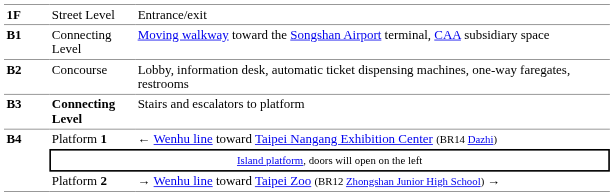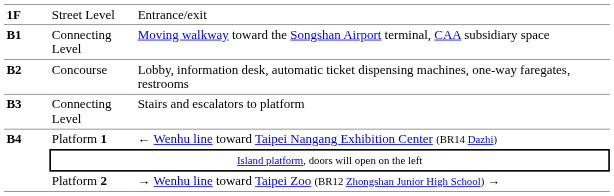 <table border=0 cellspacing=0 cellpadding=3>
 <tr>
 <td style="border-bottom:solid 1px gray;border-top:solid 1px gray;" width=50 valign=top><strong>1F</strong></td>
 <td style="border-top:solid 1px gray;border-bottom:solid 1px gray;" width=100 valign=top>Street Level</td>
 <td style="border-top:solid 1px gray;border-bottom:solid 1px gray;" width=580 valign=top>Entrance/exit</td>
 </tr>
 <tr>
 <td style="border-bottom:solid 1px gray;" valign=top><strong>B1</strong></td>
 <td style="border-bottom:solid 1px gray;" valign=top>Connecting Level</td>
 <td style="border-bottom:solid 1px gray;" valign=top><a href='#'>Moving walkway</a> toward the <a href='#'>Songshan Airport</a> terminal, <a href='#'>CAA</a> subsidiary space</td>
 </tr>
 <tr>
 <td style="border-bottom:solid 1px gray;" valign=top><strong>B2</strong></td>
 <td style="border-bottom:solid 1px gray;" valign=top>Concourse</td>
 <td style="border-bottom:solid 1px gray;" valign=top>Lobby, information desk, automatic ticket dispensing machines, one-way faregates, restrooms</td>
 </tr>
 <tr>
 <td style="border-bottom:solid 1px gray;" valign=top><strong>B3</strong></td>
-<td style="border-bottom:solid 1px gray;" valign=top><strong>Connecting Level</strong></td>
+<td style="border-bottom:solid 1px gray;" valign=top>Connecting Level</td>
 <td style="border-bottom:solid 1px gray;" valign=top>Stairs and escalators to platform</td>
 </tr>
 <tr>
 <td style="border-bottom:solid 1px gray;" rowspan=3 valign=top><strong>B4</strong></td>
 <td>Platform <span><strong>1</strong></span></td>
 <td>←  <a href='#'>Wenhu line</a> toward <a href='#'>Taipei Nangang Exhibition Center</a> <small>(BR14 <a href='#'>Dazhi</a>)</small></td>
 </tr>
 <tr>
 <td style="border-top:solid 2px black;border-right:solid 2px black;border-left:solid 2px black;border-bottom:solid 2px black;text-align:center;" colspan=2><small><a href='#'>Island platform</a>, doors will open on the left</small></td>
 </tr>
 <tr>
 <td style="border-bottom:solid 1px gray;">Platform <span><strong>2</strong></span></td>
 <td style="border-bottom:solid 1px gray;"><span>→</span>  <a href='#'>Wenhu line</a> toward <a href='#'>Taipei Zoo</a> <small>(BR12 <a href='#'>Zhongshan Junior High School</a>)</small> →</td>
 </tr>
 </table>
